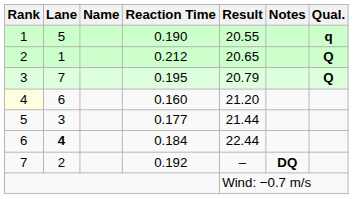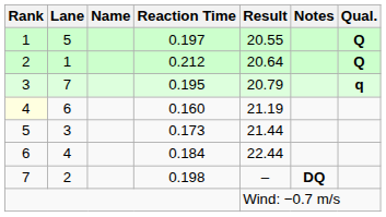 <table class="wikitable" style="text-align:center">
 <tr>
 <th>Rank</th>
 <th>Lane</th>
 <th>Name</th>
 <th>Reaction Time</th>
 <th>Result</th>
 <th>Notes</th>
 <th>Qual.</th>
 </tr>
 <tr bgcolor=ccffcc>
 <td>1</td>
 <td>5</td>
 <td align="left"></td>
-<td>0.190</td>
+<td>0.197</td>
 <td>20.55</td>
 <td></td>
-<td><strong>q</strong></td>
+<td><strong>Q</strong></td>
 </tr>
 <tr bgcolor=ccffcc>
 <td>2</td>
 <td>1</td>
 <td align="left"></td>
 <td>0.212</td>
-<td>20.65</td>
+<td>20.64</td>
 <td></td>
 <td><strong>Q</strong></td>
 </tr>
 <tr bgcolor=ddffdd>
 <td>3</td>
 <td>7</td>
 <td align="left"></td>
 <td>0.195</td>
 <td>20.79</td>
 <td></td>
-<td><strong>Q</strong></td>
+<td><strong>q</strong></td>
 </tr>
 <tr>
 <td style="background: lightyellow;">4</td>
 <td>6</td>
 <td align="left"></td>
 <td>0.160</td>
-<td>21.20</td>
+<td>21.19</td>
 <td></td>
 <td></td>
 </tr>
 <tr>
 <td>5</td>
 <td>3</td>
 <td align="left"></td>
-<td>0.177</td>
+<td>0.173</td>
 <td>21.44</td>
 <td></td>
 <td></td>
 </tr>
 <tr>
 <td>6</td>
-<td><strong>4</strong></td>
+<td>4</td>
 <td align="left"></td>
 <td>0.184</td>
 <td>22.44</td>
 <td></td>
 <td></td>
 </tr>
 <tr>
 <td>7</td>
 <td>2</td>
 <td align="left"></td>
-<td>0.192</td>
+<td>0.198</td>
 <td>–</td>
 <td><strong>DQ</strong></td>
 <td></td>
 </tr>
 <tr class="sortbottom">
 <td colspan=4></td>
 <td colspan="3" style="text-align:left;">Wind: −0.7 m/s</td>
 </tr>
 </table>
